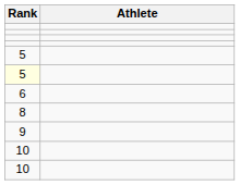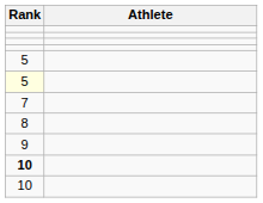 <table class="wikitable" style="text-align: center;">
 <tr>
 <th width=40>Rank</th>
 <th width=250>Athlete</th>
 </tr>
 <tr>
 <td></td>
 <td align="left"></td>
 </tr>
 <tr>
 <td></td>
 <td align="left"></td>
 </tr>
 <tr>
 <td></td>
 <td align="left"></td>
 </tr>
 <tr>
 <td></td>
 <td align="left"></td>
 </tr>
 <tr>
 <td>5</td>
 <td align="left"></td>
 </tr>
 <tr>
 <td style="background: lightyellow;">5</td>
 <td align="left"></td>
 </tr>
 <tr>
-<td>6</td>
+<td>7</td>
 <td align="left"></td>
 </tr>
 <tr>
 <td>8</td>
 <td align="left"></td>
 </tr>
 <tr>
 <td>9</td>
 <td align="left"></td>
 </tr>
 <tr>
-<td>10</td>
+<td><strong>10</strong></td>
 <td align="left"></td>
 </tr>
 <tr>
 <td>10</td>
 <td align="left"></td>
 </tr>
 </table>
